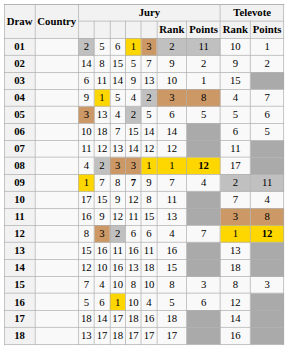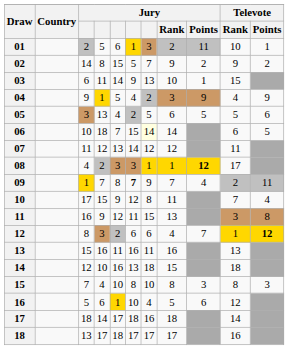 <table class="sortable wikitable collapsible plainrowheaders" style="text-align:center;">
 <tr>
 </tr>
 <tr>
 <th scope="col" rowspan="2">Draw</th>
 <th scope="col" rowspan="2">Country</th>
 <th scope="col" colspan="7">Jury</th>
 <th scope="col" colspan="2">Televote</th>
 </tr>
 <tr>
 <th scope="col"><small></small></th>
 <th scope="col"><small></small></th>
 <th scope="col"><small></small></th>
 <th scope="col"><small></small></th>
 <th scope="col"><small></small></th>
 <th scope="col">Rank</th>
 <th scope="col">Points</th>
 <th scope="col">Rank</th>
 <th scope="col">Points</th>
 </tr>
 <tr>
 <th scope="row" style="text-align:center;">01</th>
 <td style="text-align:left;"></td>
 <td style="background:silver;">2</td>
 <td>5</td>
 <td>6</td>
 <td style="background:gold;">1</td>
 <td style="background:#CC9966;">3</td>
 <td style="background:silver;">2</td>
 <td style="background:silver;">11</td>
 <td>10</td>
 <td>1</td>
 </tr>
 <tr>
 <th scope="row" style="text-align:center;">02</th>
 <td style="text-align:left;"></td>
 <td>14</td>
 <td>8</td>
 <td>15</td>
 <td>5</td>
 <td>7</td>
 <td>9</td>
 <td>2</td>
 <td>9</td>
 <td>2</td>
 </tr>
 <tr>
 <th scope="row" style="text-align:center;">03</th>
 <td style="text-align:left;"></td>
 <td>6</td>
 <td>11</td>
 <td>14</td>
 <td>9</td>
 <td>13</td>
 <td>10</td>
 <td>1</td>
 <td>15</td>
 <td style="background:#AAAAAA;"></td>
 </tr>
 <tr>
 <th scope="row" style="text-align:center;">04</th>
 <td style="text-align:left;"></td>
 <td>9</td>
 <td style="background:gold;">1</td>
 <td>5</td>
 <td>4</td>
 <td style="background:silver;">2</td>
 <td style="background:#CC9966;">3</td>
-<td style="background:#CC9966;">8</td>
+<td style="background:#CC9966;">9</td>
 <td>4</td>
-<td>7</td>
+<td>9</td>
 </tr>
 <tr>
 <th scope="row" style="text-align:center;">05</th>
 <td style="text-align:left;"></td>
 <td style="background:#CC9966;">3</td>
 <td>13</td>
 <td>4</td>
 <td style="background:silver;">2</td>
 <td>5</td>
 <td>6</td>
 <td>5</td>
 <td>5</td>
 <td>6</td>
 </tr>
 <tr>
 <th scope="row" style="text-align:center;">06</th>
 <td style="text-align:left;"></td>
 <td>10</td>
 <td>18</td>
 <td>7</td>
 <td>15</td>
-<td>14</td>
+<td style="background: lightyellow;">14</td>
 <td>14</td>
 <td style="background:#AAAAAA;"></td>
 <td>6</td>
 <td>5</td>
 </tr>
 <tr>
 <th scope="row" style="text-align:center;">07</th>
 <td style="text-align:left;"></td>
 <td>11</td>
 <td>12</td>
 <td>13</td>
 <td>14</td>
 <td>12</td>
 <td>12</td>
 <td style="background:#AAAAAA;"></td>
 <td>11</td>
 <td style="background:#AAAAAA;"></td>
 </tr>
 <tr>
 <th scope="row" style="text-align:center;">08</th>
 <td style="text-align:left;"></td>
 <td>4</td>
 <td style="background:silver;">2</td>
 <td style="background:#CC9966;">3</td>
 <td style="background:#CC9966;">3</td>
 <td style="background:gold;">1</td>
 <td style="background:gold;">1</td>
 <td style="background:gold;"><strong>12</strong></td>
 <td>17</td>
 <td style="background:#AAAAAA;"></td>
 </tr>
 <tr>
 <th scope="row" style="text-align:center;">09</th>
 <td style="text-align:left;"></td>
 <td style="background:gold;">1</td>
 <td>7</td>
 <td>8</td>
 <td><strong>7</strong></td>
 <td>9</td>
 <td>7</td>
 <td>4</td>
 <td style="background:silver;">2</td>
 <td style="background:silver;">11</td>
 </tr>
 <tr>
 <th scope="row" style="text-align:center;">10</th>
 <td style="text-align:left;"></td>
 <td>17</td>
 <td>15</td>
 <td>9</td>
 <td>12</td>
 <td>8</td>
 <td>11</td>
 <td style="background:#AAAAAA;"></td>
 <td>7</td>
 <td>4</td>
 </tr>
 <tr>
 <th scope="row" style="text-align:center;">11</th>
 <td style="text-align:left;"></td>
 <td>16</td>
 <td>9</td>
 <td>12</td>
 <td>11</td>
 <td>15</td>
 <td>13</td>
 <td style="background:#AAAAAA;"></td>
 <td style="background:#CC9966;">3</td>
 <td style="background:#CC9966;">8</td>
 </tr>
 <tr>
 <th scope="row" style="text-align:center;">12</th>
 <td style="text-align:left;"></td>
 <td>8</td>
 <td style="background:#CC9966;">3</td>
 <td style="background:silver;">2</td>
 <td>6</td>
 <td>6</td>
 <td>4</td>
 <td>7</td>
 <td style="background:gold;">1</td>
 <td style="background:gold;"><strong>12</strong></td>
 </tr>
 <tr>
 <th scope="row" style="text-align:center;">13</th>
 <td style="text-align:left;"></td>
 <td>15</td>
 <td>16</td>
 <td>11</td>
 <td>16</td>
 <td>11</td>
 <td>16</td>
 <td style="background:#AAAAAA;"></td>
 <td>13</td>
 <td style="background:#AAAAAA;"></td>
 </tr>
 <tr>
 <th scope="row" style="text-align:center;">14</th>
 <td style="text-align:left;"></td>
 <td>12</td>
 <td>10</td>
 <td>16</td>
 <td>13</td>
 <td>18</td>
 <td>15</td>
 <td style="background:#AAAAAA;"></td>
 <td>18</td>
 <td style="background:#AAAAAA;"></td>
 </tr>
 <tr>
 <th scope="row" style="text-align:center;">15</th>
 <td style="text-align:left;"></td>
 <td>7</td>
 <td>4</td>
 <td>10</td>
 <td>8</td>
 <td>10</td>
 <td>8</td>
 <td>3</td>
 <td>8</td>
 <td>3</td>
 </tr>
 <tr>
 <th scope="row" style="text-align:center;">16</th>
 <td style="text-align:left;"></td>
 <td>5</td>
 <td>6</td>
 <td style="background:gold;">1</td>
 <td>10</td>
 <td>4</td>
 <td>5</td>
 <td>6</td>
 <td>12</td>
 <td style="background:#AAAAAA;"></td>
 </tr>
 <tr>
 <th scope="row" style="text-align:center;">17</th>
 <td style="text-align:left;"></td>
 <td>18</td>
 <td>14</td>
 <td>17</td>
 <td>18</td>
 <td>16</td>
 <td>18</td>
 <td style="background:#AAAAAA;"></td>
 <td>14</td>
 <td style="background:#AAAAAA;"></td>
 </tr>
 <tr>
 <th scope="row" style="text-align:center;">18</th>
 <td style="text-align:left;"></td>
 <td>13</td>
 <td>17</td>
 <td>18</td>
 <td>17</td>
 <td>17</td>
 <td>17</td>
 <td style="background:#AAAAAA;"></td>
 <td>16</td>
 <td style="background:#AAAAAA;"></td>
 </tr>
 </table>
